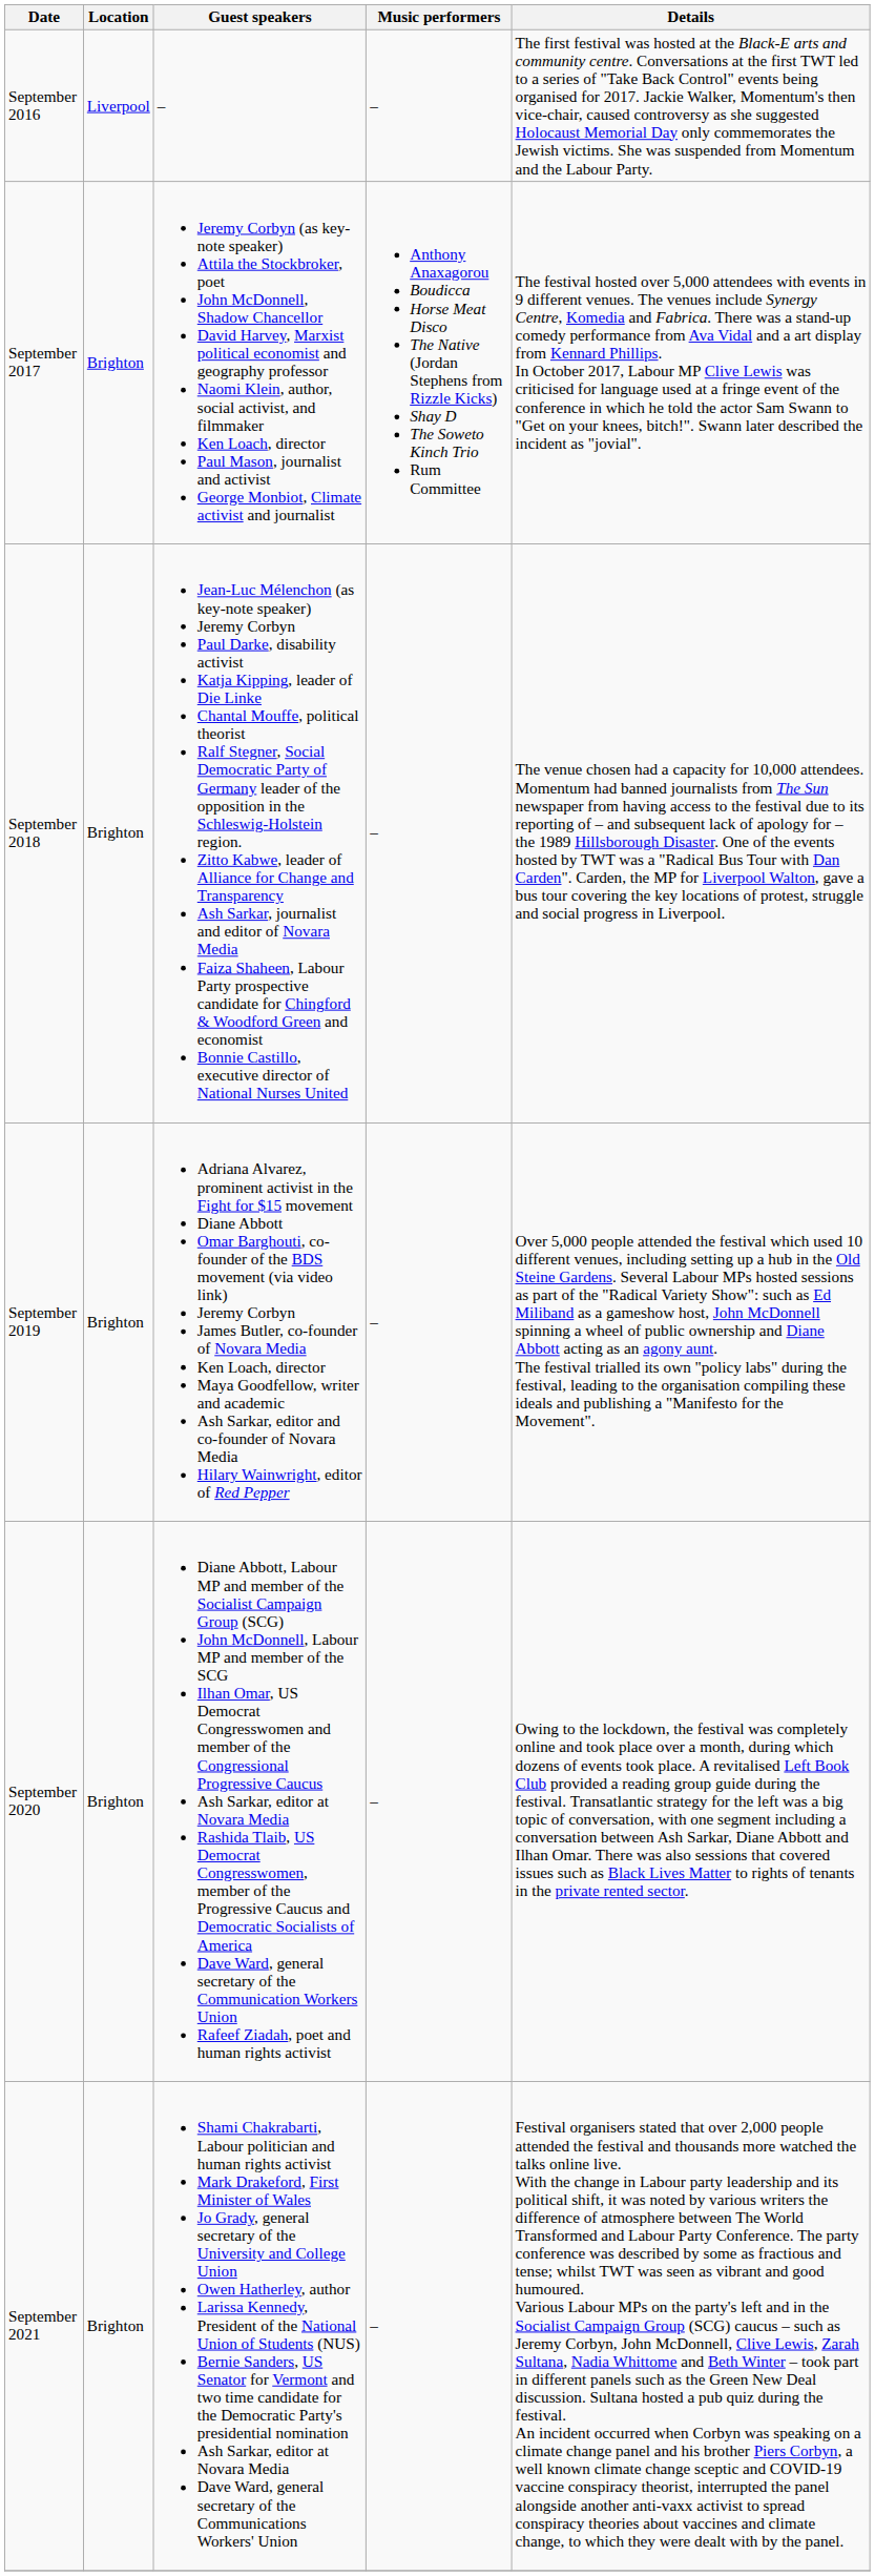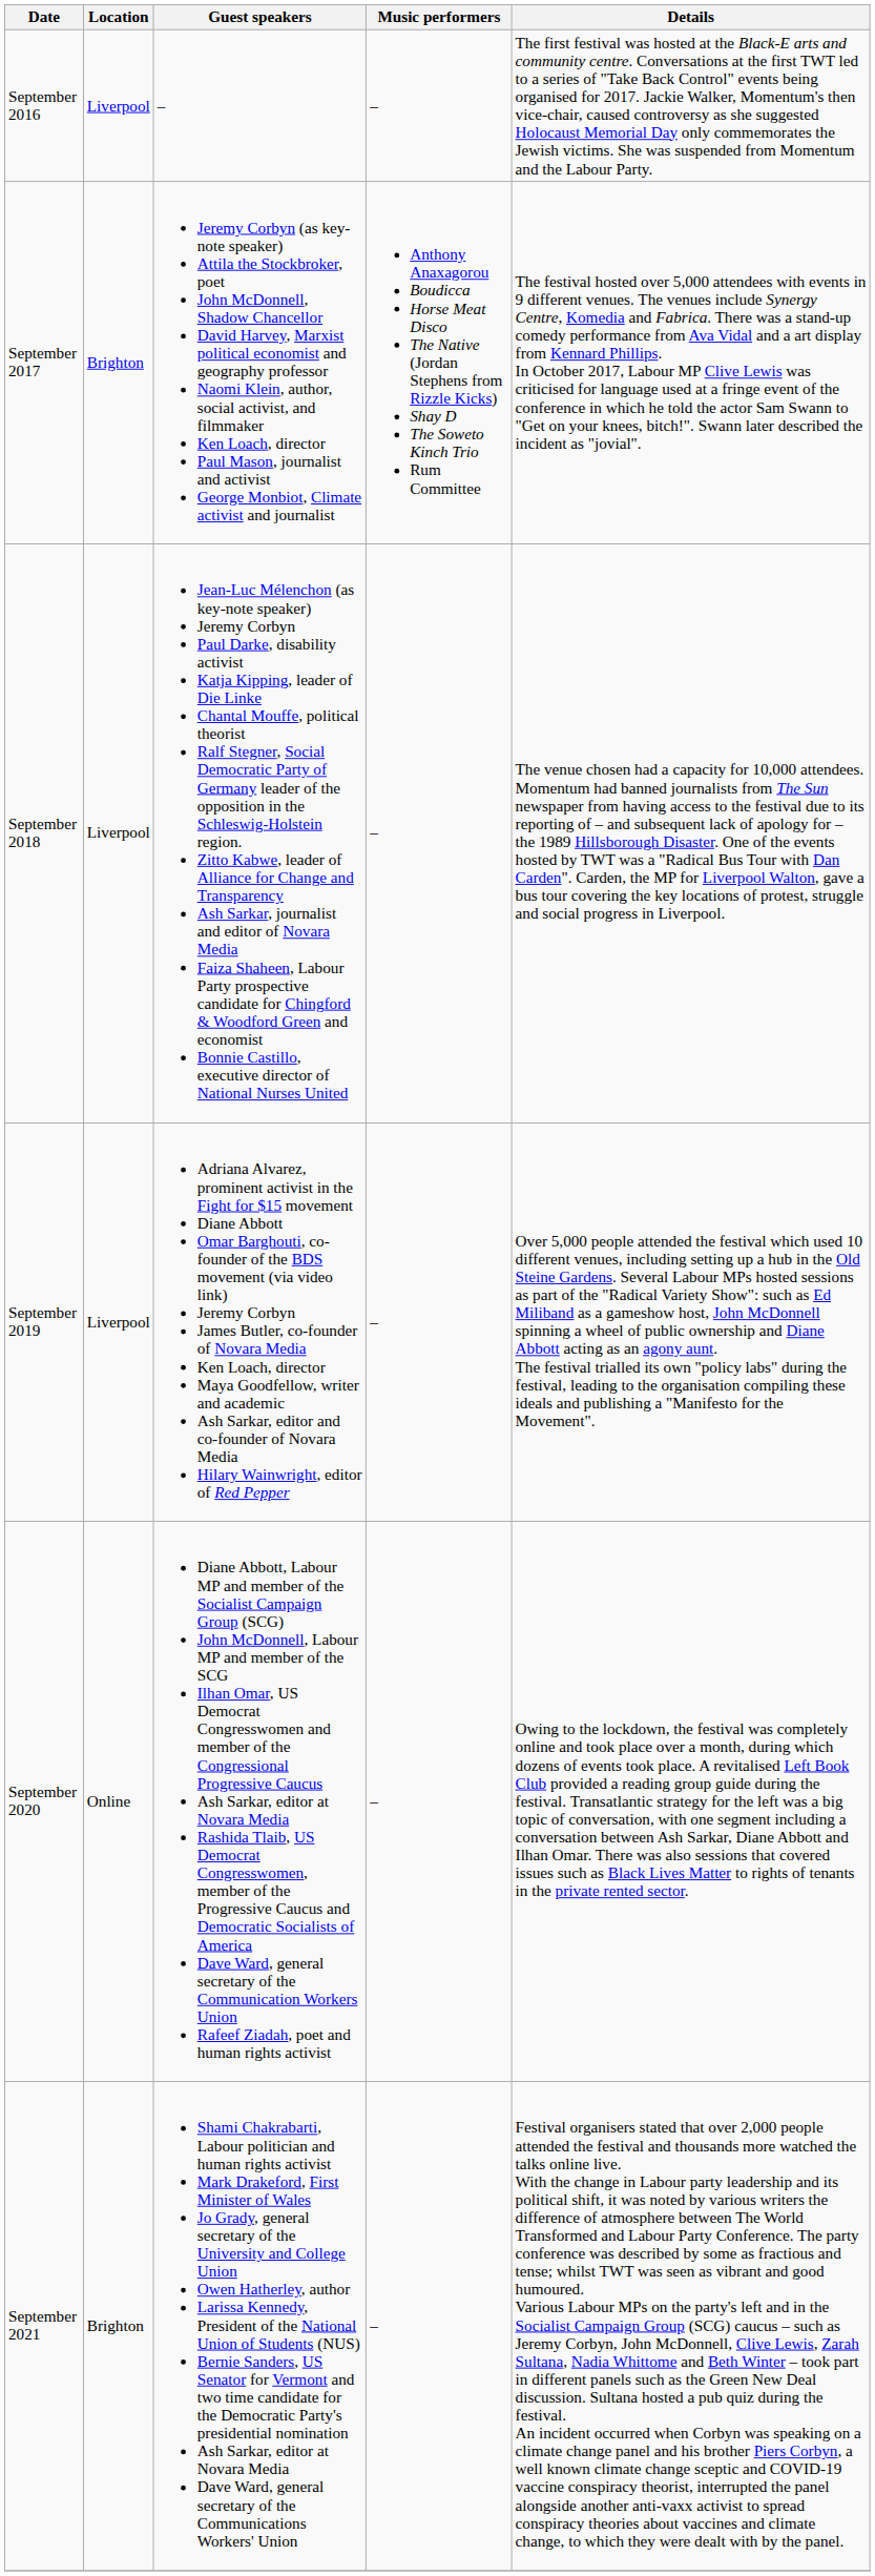 <table class="wikitable">
 <tr>
 <th>Date</th>
 <th>Location</th>
 <th>Guest speakers</th>
 <th>Music performers</th>
 <th>Details</th>
 </tr>
 <tr>
 <td>September 2016</td>
 <td><a href='#'>Liverpool</a></td>
 <td>–</td>
 <td>–</td>
 <td>The first festival was hosted at the <em>Black-E arts and community centre</em>. Conversations at the first TWT led to a series of "Take Back Control" events being organised for 2017. Jackie Walker, Momentum's then vice-chair, caused controversy as she suggested <a href='#'>Holocaust Memorial Day</a> only commemorates the Jewish victims. She was suspended from Momentum and the Labour Party.</td>
 </tr>
 <tr>
 <td>September 2017</td>
 <td><a href='#'>Brighton</a></td>
 <td><br><ul><li><a href='#'>Jeremy Corbyn</a> (as key-note speaker)</li><li><a href='#'>Attila the Stockbroker</a>, poet</li><li><a href='#'>John McDonnell</a>, <a href='#'>Shadow Chancellor</a></li><li><a href='#'>David Harvey</a>, <a href='#'>Marxist</a> <a href='#'>political economist</a> and geography professor</li><li><a href='#'>Naomi Klein</a>, author, social activist, and filmmaker</li><li><a href='#'>Ken Loach</a>, director</li><li><a href='#'>Paul Mason</a>, journalist and activist</li><li><a href='#'>George Monbiot</a>, <a href='#'>Climate activist</a> and journalist</li></ul></td>
 <td><br><ul><li><a href='#'>Anthony Anaxagorou</a></li><li><em>Boudicca</em></li><li><em>Horse Meat Disco</em></li><li><em>The Native</em> (Jordan Stephens from <a href='#'>Rizzle Kicks</a>)</li><li><em>Shay D</em></li><li><em>The Soweto Kinch Trio</em></li><li>Rum Committee</li></ul></td>
 <td>The festival hosted over 5,000 attendees with events in 9 different venues. The venues include <em>Synergy Centre</em>, <a href='#'>Komedia</a> and <em>Fabrica</em>. There was a stand-up comedy performance from <a href='#'>Ava Vidal</a> and a art display from <a href='#'>Kennard Phillips</a>.<br>In October 2017, Labour MP <a href='#'>Clive Lewis</a> was criticised for language used at a fringe event of the conference in which he told the actor Sam Swann to "Get on your knees, bitch!". Swann later described the incident as "jovial".</td>
 </tr>
 <tr>
 <td>September 2018</td>
-<td>Brighton</td>
+<td>Liverpool</td>
 <td><br><ul><li><a href='#'>Jean-Luc Mélenchon</a> (as key-note speaker)</li><li>Jeremy Corbyn</li><li><a href='#'>Paul Darke</a>, disability activist</li><li><a href='#'>Katja Kipping</a>, leader of <a href='#'>Die Linke</a></li><li><a href='#'>Chantal Mouffe</a>, political theorist</li><li><a href='#'>Ralf Stegner</a>, <a href='#'>Social Democratic Party of Germany</a> leader of the opposition in the <a href='#'>Schleswig-Holstein</a> region.</li><li><a href='#'>Zitto Kabwe</a>, leader of <a href='#'>Alliance for Change and Transparency</a></li><li><a href='#'>Ash Sarkar</a>, journalist and editor of <a href='#'>Novara Media</a></li><li><a href='#'>Faiza Shaheen</a>, Labour Party prospective candidate for <a href='#'>Chingford & Woodford Green</a> and economist</li><li><a href='#'>Bonnie Castillo</a>, executive director of <a href='#'>National Nurses United</a></li></ul></td>
 <td>–</td>
 <td><br>The venue chosen had a capacity for 10,000 attendees. Momentum had banned journalists from <em><a href='#'>The Sun</a></em> newspaper from having access to the festival due to its reporting of – and subsequent lack of apology for – the 1989 <a href='#'>Hillsborough Disaster</a>. One of the events hosted by TWT was a "Radical Bus Tour with <a href='#'>Dan Carden</a>". Carden, the MP for <a href='#'>Liverpool Walton</a>, gave a bus tour covering the key locations of protest, struggle and social progress in Liverpool.</td>
 </tr>
 <tr>
 <td>September 2019</td>
-<td>Brighton</td>
+<td>Liverpool</td>
 <td><br><ul><li>Adriana Alvarez, prominent activist in the <a href='#'>Fight for $15</a> movement</li><li>Diane Abbott</li><li><a href='#'>Omar Barghouti</a>, co-founder of the <a href='#'>BDS</a> movement (via video link)</li><li>Jeremy Corbyn</li><li>James Butler, co-founder of <a href='#'>Novara Media</a></li><li>Ken Loach, director</li><li>Maya Goodfellow, writer and academic</li><li>Ash Sarkar, editor and co-founder of Novara Media</li><li><a href='#'>Hilary Wainwright</a>, editor of <em><a href='#'>Red Pepper</a></em></li></ul></td>
 <td>–</td>
 <td><br>Over 5,000 people attended the festival which used 10 different venues, including setting up a hub in the <a href='#'>Old Steine Gardens</a>. Several Labour MPs hosted sessions as part of the "Radical Variety Show": such as <a href='#'>Ed Miliband</a> as a gameshow host, <a href='#'>John McDonnell</a> spinning a wheel of public ownership and <a href='#'>Diane Abbott</a> acting as an <a href='#'>agony aunt</a>.<br>The festival trialled its own "policy labs" during the festival, leading to the organisation compiling these ideals and publishing a "Manifesto for the Movement".</td>
 </tr>
 <tr>
 <td>September 2020</td>
-<td>Brighton</td>
+<td>Online</td>
 <td><br><ul><li>Diane Abbott, Labour MP and member of the <a href='#'>Socialist Campaign Group</a> (SCG)</li><li><a href='#'>John McDonnell</a>, Labour MP and member of the SCG</li><li><a href='#'>Ilhan Omar</a>, US Democrat Congresswomen and member of the <a href='#'>Congressional Progressive Caucus</a></li><li>Ash Sarkar, editor at <a href='#'>Novara Media</a></li><li><a href='#'>Rashida Tlaib</a>, <a href='#'>US Democrat Congresswomen</a>, member of the Progressive Caucus and <a href='#'>Democratic Socialists of America</a></li><li><a href='#'>Dave Ward</a>, general secretary of the <a href='#'>Communication Workers Union</a></li><li><a href='#'>Rafeef Ziadah</a>, poet and human rights activist</li></ul></td>
 <td>–</td>
 <td><br>Owing to the lockdown, the festival was completely online and took place over a month, during which dozens of events took place. A revitalised <a href='#'>Left Book Club</a> provided a reading group guide during the festival. Transatlantic strategy for the left was a big topic of conversation, with one segment including a conversation between Ash Sarkar, Diane Abbott and Ilhan Omar. There was also sessions that covered issues such as <a href='#'>Black Lives Matter</a> to rights of tenants in the <a href='#'>private rented sector</a>.</td>
 </tr>
 <tr>
 <td>September 2021</td>
 <td>Brighton</td>
 <td><br><ul><li><a href='#'>Shami Chakrabarti</a>, Labour politician and human rights activist</li><li><a href='#'>Mark Drakeford</a>, <a href='#'>First Minister of Wales</a></li><li><a href='#'>Jo Grady</a>, general secretary of the <a href='#'>University and College Union</a></li><li><a href='#'>Owen Hatherley</a>, author</li><li><a href='#'>Larissa Kennedy</a>, President of the <a href='#'>National Union of Students</a> (NUS)</li><li><a href='#'>Bernie Sanders</a>, <a href='#'>US Senator</a> for <a href='#'>Vermont</a> and two time candidate for the Democratic Party's presidential nomination</li><li>Ash Sarkar, editor at Novara Media</li><li>Dave Ward, general secretary of the Communications Workers' Union</li></ul></td>
 <td>–</td>
 <td><br>Festival organisers stated that over 2,000 people attended the festival and thousands more watched the talks online live.<br>With the change in Labour party leadership and its political shift, it was noted by various writers the difference of atmosphere between The World Transformed and Labour Party Conference. The party conference was described by some as fractious and tense; whilst TWT was seen as vibrant and good humoured.<br>Various Labour MPs on the party's left and in the <a href='#'>Socialist Campaign Group</a> (SCG) caucus – such as Jeremy Corbyn, John McDonnell, <a href='#'>Clive Lewis</a>, <a href='#'>Zarah Sultana</a>, <a href='#'>Nadia Whittome</a> and <a href='#'>Beth Winter</a> – took part in different panels such as the Green New Deal discussion. Sultana hosted a pub quiz during the festival.<br>An incident occurred when Corbyn was speaking on a climate change panel and his brother <a href='#'>Piers Corbyn</a>, a well known climate change sceptic and COVID-19 vaccine conspiracy theorist, interrupted the panel alongside another anti-vaxx activist to spread conspiracy theories about vaccines and climate change, to which they were dealt with by the panel.</td>
 </tr>
 <tr>
 </tr>
 </table>
